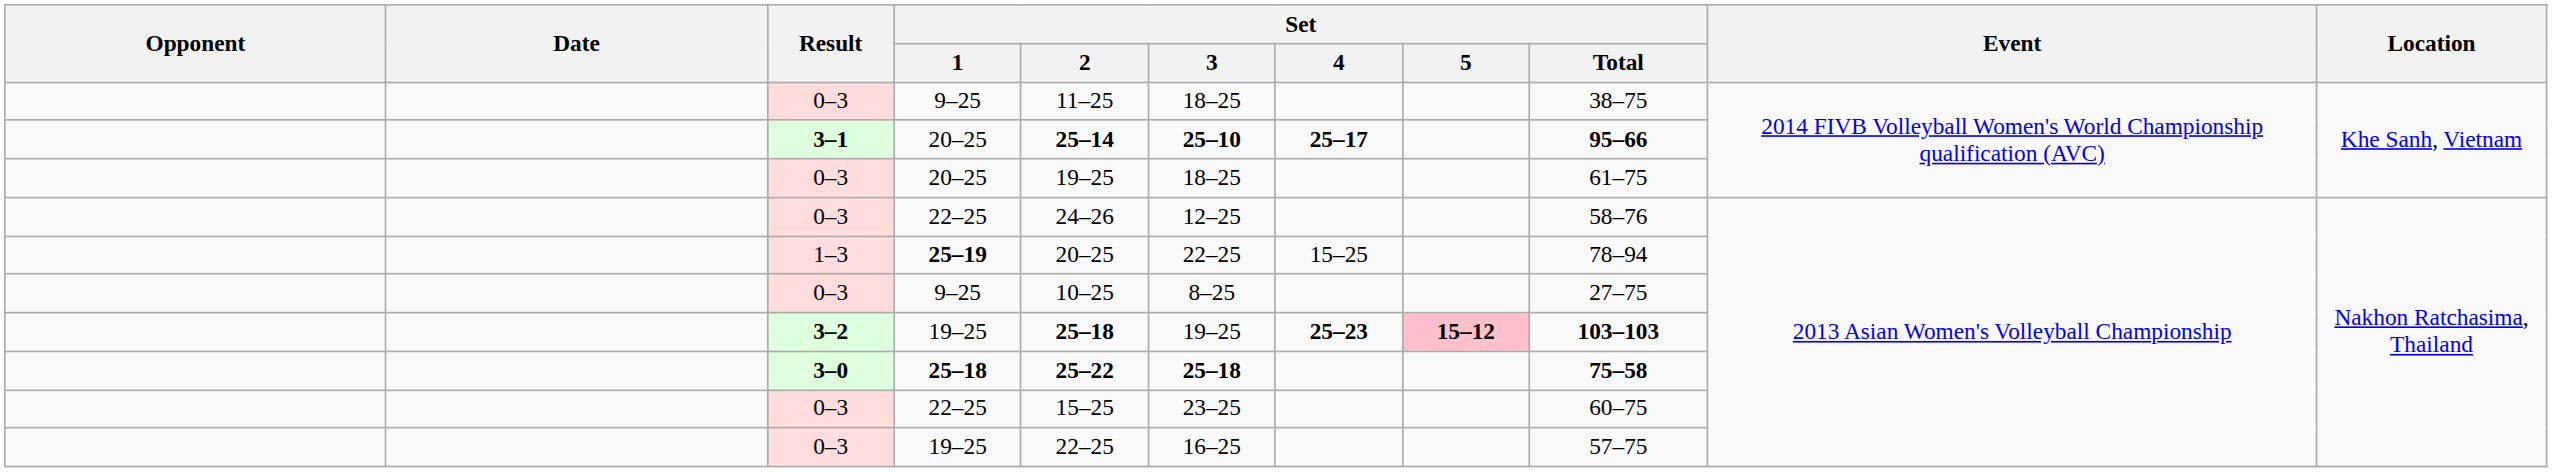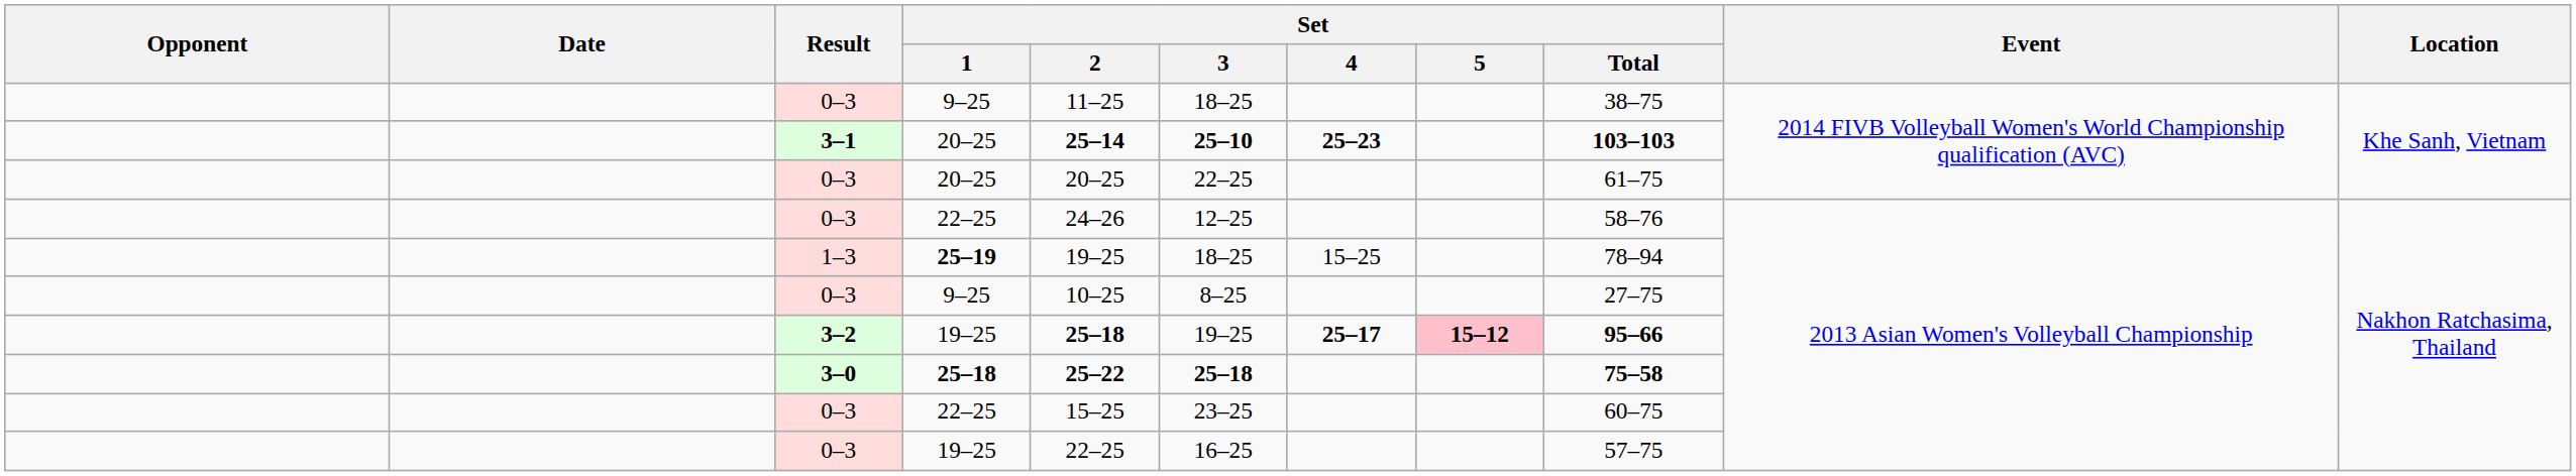 <table class="wikitable" style="font-size: 90%">
 <tr>
 <th rowspan=2 width=15%>Opponent</th>
 <th rowspan=2 width=15%>Date</th>
 <th rowspan=2 width=5%>Result</th>
 <th colspan=6>Set</th>
 <th rowspan=2 width=24%>Event</th>
 <th rowspan=2 width=16%>Location</th>
 </tr>
 <tr>
 <th width=5%>1</th>
 <th width=5%>2</th>
 <th width=5%>3</th>
 <th width=5%>4</th>
 <th width=5%>5</th>
 <th width=7%>Total</th>
 </tr>
 <tr style="text-align:center;">
 <td style="text-align:left;"></td>
 <td></td>
 <td style="background:#ffdddd;">0–3</td>
 <td>9–25</td>
 <td>11–25</td>
 <td>18–25</td>
 <td></td>
 <td></td>
 <td>38–75</td>
 <td rowspan=3><a href='#'>2014 FIVB Volleyball Women's World Championship qualification (AVC)</a></td>
 <td rowspan=3><a href='#'>Khe Sanh</a>, <a href='#'>Vietnam</a></td>
 </tr>
 <tr style="text-align:center;">
 <td style="text-align:left;"></td>
 <td></td>
 <td style="background:#ddffdd;"><strong>3–1</strong></td>
 <td>20–25</td>
 <td><strong>25–14</strong></td>
 <td><strong>25–10</strong></td>
-<td><strong>25–17</strong></td>
+<td><strong>25–23</strong></td>
 <td></td>
-<td><strong>95–66</strong></td>
+<td><strong>103–103</strong></td>
 </tr>
 <tr style="text-align:center;">
 <td style="text-align:left;"></td>
 <td></td>
 <td style="background:#ffdddd;">0–3</td>
 <td>20–25</td>
-<td>19–25</td>
-<td>18–25</td>
+<td>20–25</td>
+<td>22–25</td>
 <td></td>
 <td></td>
 <td>61–75</td>
 </tr>
 <tr style="text-align:center;">
 <td style="text-align:left;"></td>
 <td></td>
 <td style="background:#ffdddd;">0–3</td>
 <td>22–25</td>
 <td>24–26</td>
 <td>12–25</td>
 <td></td>
 <td></td>
 <td>58–76</td>
 <td rowspan=7><a href='#'>2013 Asian Women's Volleyball Championship</a></td>
 <td rowspan=7><a href='#'>Nakhon Ratchasima</a>, <a href='#'>Thailand</a></td>
 </tr>
 <tr style="text-align:center;">
 <td style="text-align:left;"></td>
 <td></td>
 <td style="background:#ffdddd;">1–3</td>
 <td><strong>25–19</strong></td>
-<td>20–25</td>
-<td>22–25</td>
+<td>19–25</td>
+<td>18–25</td>
 <td>15–25</td>
 <td></td>
 <td>78–94</td>
 </tr>
 <tr style="text-align:center;">
 <td style="text-align:left;"></td>
 <td></td>
 <td style="background:#ffdddd;">0–3</td>
 <td>9–25</td>
 <td>10–25</td>
 <td>8–25</td>
 <td></td>
 <td></td>
 <td>27–75</td>
 </tr>
 <tr style="text-align:center;">
 <td style="text-align:left;"></td>
 <td></td>
 <td style="background:#ddffdd;"><strong>3–2</strong></td>
 <td>19–25</td>
 <td><strong>25–18</strong></td>
 <td>19–25</td>
-<td><strong>25–23</strong></td>
+<td><strong>25–17</strong></td>
 <td style="background: pink;"><strong>15–12</strong></td>
-<td><strong>103–103</strong></td>
+<td><strong>95–66</strong></td>
 </tr>
 <tr style="text-align:center;">
 <td style="text-align:left;"></td>
 <td></td>
 <td style="background:#ddffdd;"><strong>3–0</strong></td>
 <td><strong>25–18</strong></td>
 <td><strong>25–22</strong></td>
 <td><strong>25–18</strong></td>
 <td></td>
 <td></td>
 <td><strong>75–58</strong></td>
 </tr>
 <tr style="text-align:center;">
 <td style="text-align:left;"></td>
 <td></td>
 <td style="background:#ffdddd;">0–3</td>
 <td>22–25</td>
 <td>15–25</td>
 <td>23–25</td>
 <td></td>
 <td></td>
 <td>60–75</td>
 </tr>
 <tr style="text-align:center;">
 <td style="text-align:left;"></td>
 <td></td>
 <td style="background:#ffdddd;">0–3</td>
 <td>19–25</td>
 <td>22–25</td>
 <td>16–25</td>
 <td></td>
 <td></td>
 <td>57–75</td>
 </tr>
 </table>
